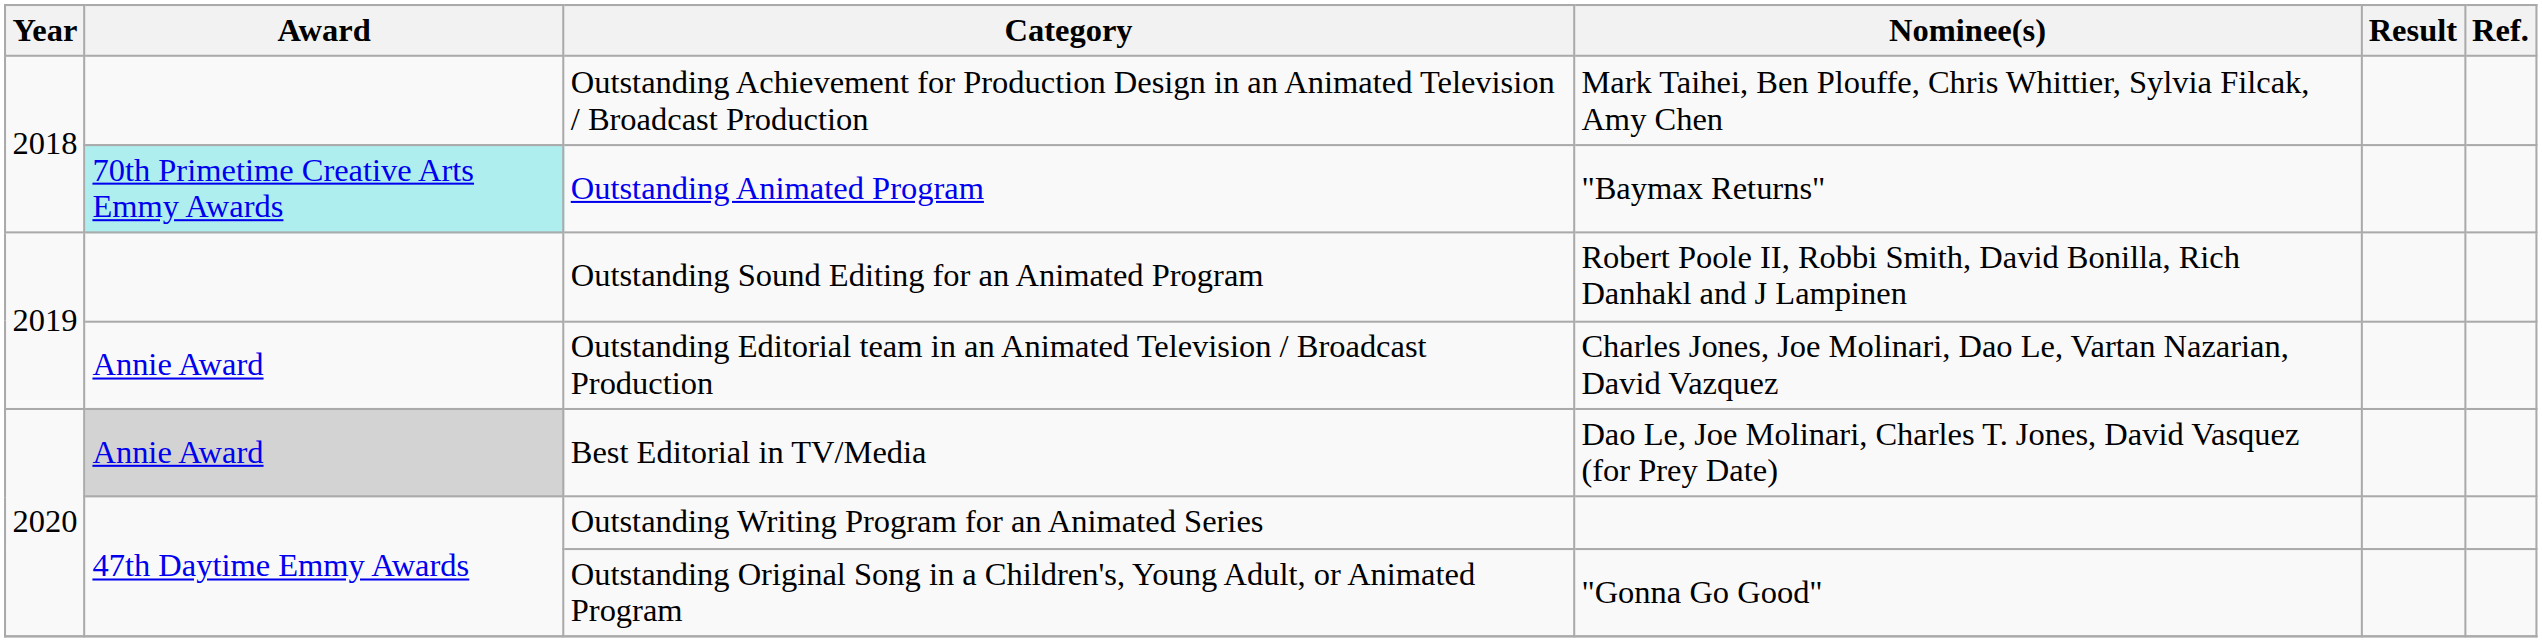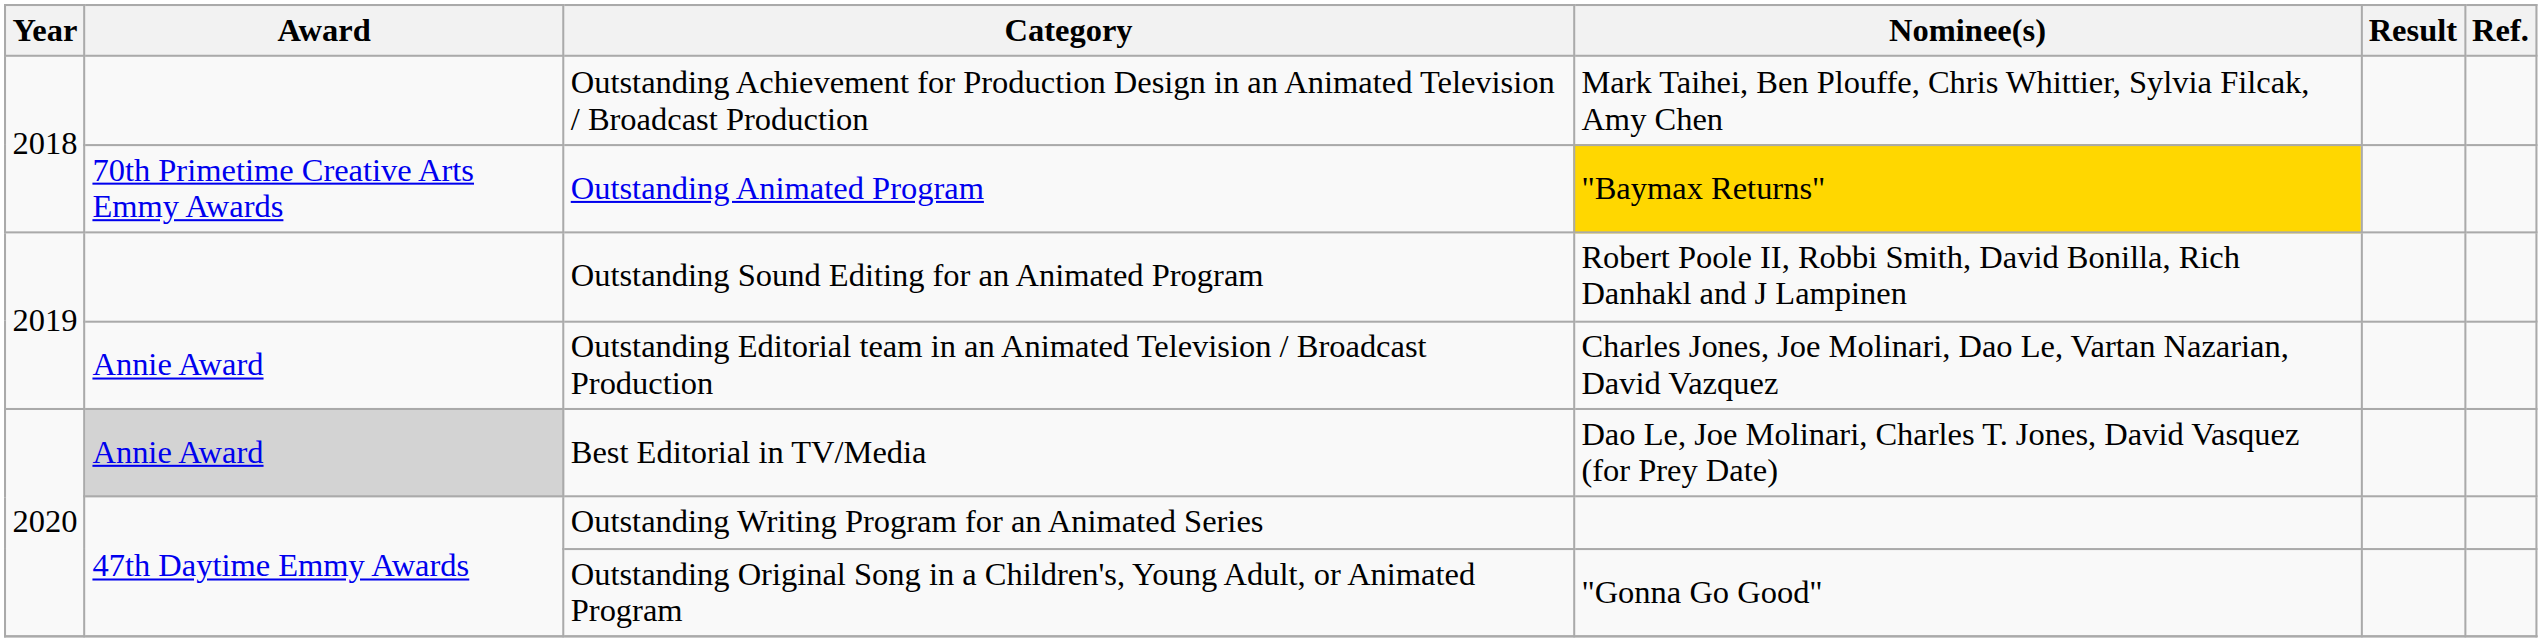 <table class="wikitable">
 <tr>
 <th>Year</th>
 <th>Award</th>
 <th>Category</th>
 <th>Nominee(s)</th>
 <th>Result</th>
 <th>Ref.</th>
 </tr>
 <tr>
 <td rowspan=2>2018</td>
 <td></td>
 <td>Outstanding Achievement for Production Design in an Animated Television / Broadcast Production</td>
 <td>Mark Taihei, Ben Plouffe, Chris Whittier, Sylvia Filcak, Amy Chen</td>
 <td></td>
 <td align="center"></td>
 </tr>
 <tr>
-<td style="background: paleturquoise;"><a href='#'>70th Primetime Creative Arts Emmy Awards</a></td>
+<td><a href='#'>70th Primetime Creative Arts Emmy Awards</a></td>
 <td><a href='#'>Outstanding Animated Program</a></td>
-<td>"Baymax Returns"</td>
+<td style="background: gold;">"Baymax Returns"</td>
 <td></td>
 <td></td>
 </tr>
 <tr>
 <td rowspan=2>2019</td>
 <td></td>
 <td>Outstanding Sound Editing for an Animated Program</td>
 <td>Robert Poole II, Robbi Smith, David Bonilla, Rich Danhakl and J Lampinen</td>
 <td></td>
 <td></td>
 </tr>
 <tr>
 <td><a href='#'>Annie Award</a></td>
 <td>Outstanding Editorial team in an Animated Television / Broadcast Production</td>
 <td>Charles Jones, Joe Molinari, Dao Le, Vartan Nazarian, David Vazquez</td>
 <td></td>
 <td align="center"></td>
 </tr>
 <tr>
 <td rowspan=3>2020</td>
 <td style="background: lightgrey;"><a href='#'>Annie Award</a></td>
 <td>Best Editorial in TV/Media</td>
 <td>Dao Le, Joe Molinari, Charles T. Jones, David Vasquez (for Prey Date)</td>
 <td></td>
 <td align="center"></td>
 </tr>
 <tr>
 <td rowspan=2><a href='#'>47th Daytime Emmy Awards</a></td>
 <td>Outstanding Writing Program for an Animated Series</td>
 <td></td>
 <td></td>
 <td></td>
 </tr>
 <tr>
 <td>Outstanding Original Song in a Children's, Young Adult, or Animated Program</td>
 <td>"Gonna Go Good"</td>
 <td></td>
 <td></td>
 </tr>
 <tr>
 </tr>
 </table>
